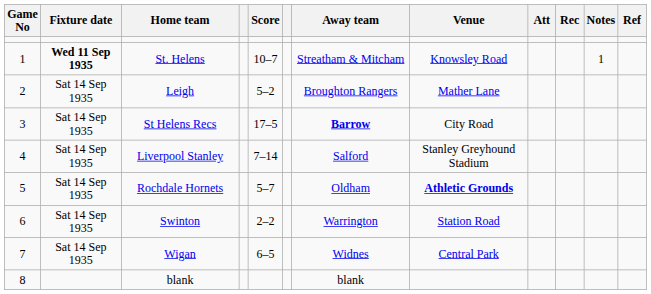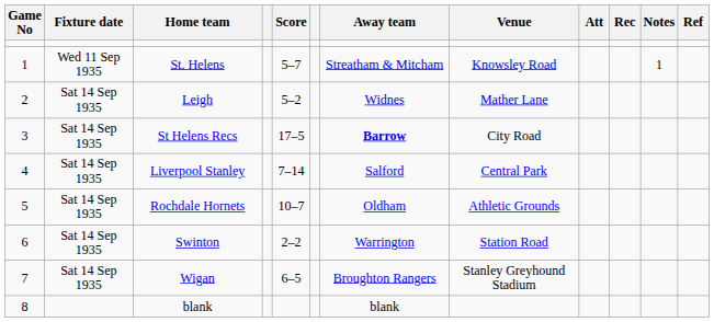 <table class="wikitable" style="text-align:center;">
 <tr>
 <th width=20 abbr="No">Game No</th>
 <th width=100 abbr="Date">Fixture date</th>
 <th width=150 abbr="Home team">Home team</th>
 <th width=5 abbr="space"></th>
 <th width=20 abbr="Score">Score</th>
 <th width=5 abbr="space"></th>
 <th width=150 abbr="Away team">Away team</th>
 <th width=150 abbr="Venue">Venue</th>
 <th width=30 abbr="Att">Att</th>
 <th width=30 abbr="Rec">Rec</th>
 <th width=20 abbr="Notes">Notes</th>
 <th width=30 abbr="Ref">Ref</th>
 </tr>
 <tr>
 <td></td>
 <td></td>
 <td></td>
 <td></td>
 <td></td>
 <td></td>
 <td></td>
 <td></td>
 <td></td>
 <td></td>
 <td></td>
 </tr>
 <tr>
 <td>1</td>
-<td><strong>Wed 11 Sep 1935</strong></td>
+<td>Wed 11 Sep 1935</td>
 <td><a href='#'>St. Helens</a></td>
 <td></td>
-<td>10–7</td>
+<td>5–7</td>
 <td></td>
 <td><a href='#'>Streatham & Mitcham</a></td>
 <td><a href='#'>Knowsley Road</a></td>
 <td></td>
 <td></td>
 <td>1</td>
 <td></td>
 </tr>
 <tr>
 <td>2</td>
 <td>Sat 14 Sep 1935</td>
 <td><a href='#'>Leigh</a></td>
 <td></td>
 <td>5–2</td>
 <td></td>
-<td><a href='#'>Broughton Rangers</a></td>
+<td><a href='#'>Widnes</a></td>
 <td><a href='#'>Mather Lane</a></td>
 <td></td>
 <td></td>
 <td></td>
 <td></td>
 </tr>
 <tr>
 <td>3</td>
 <td>Sat 14 Sep 1935</td>
 <td><a href='#'>St Helens Recs</a></td>
 <td></td>
 <td>17–5</td>
 <td></td>
 <td><strong><a href='#'>Barrow</a></strong></td>
 <td>City Road</td>
 <td></td>
 <td></td>
 <td></td>
 <td></td>
 </tr>
 <tr>
 <td>4</td>
 <td>Sat 14 Sep 1935</td>
 <td><a href='#'>Liverpool Stanley</a></td>
 <td></td>
 <td>7–14</td>
 <td></td>
 <td><a href='#'>Salford</a></td>
-<td>Stanley Greyhound Stadium</td>
+<td><a href='#'>Central Park</a></td>
 <td></td>
 <td></td>
 <td></td>
 <td></td>
 </tr>
 <tr>
 <td>5</td>
 <td>Sat 14 Sep 1935</td>
 <td><a href='#'>Rochdale Hornets</a></td>
 <td></td>
-<td>5–7</td>
+<td>10–7</td>
 <td></td>
 <td><a href='#'>Oldham</a></td>
-<td><strong><a href='#'>Athletic Grounds</a></strong></td>
+<td><a href='#'>Athletic Grounds</a></td>
 <td></td>
 <td></td>
 <td></td>
 <td></td>
 </tr>
 <tr>
 <td>6</td>
 <td>Sat 14 Sep 1935</td>
 <td><a href='#'>Swinton</a></td>
 <td></td>
 <td>2–2</td>
 <td></td>
 <td><a href='#'>Warrington</a></td>
 <td><a href='#'>Station Road</a></td>
 <td></td>
 <td></td>
 <td></td>
 <td></td>
 </tr>
 <tr>
 <td>7</td>
 <td>Sat 14 Sep 1935</td>
 <td><a href='#'>Wigan</a></td>
 <td></td>
 <td>6–5</td>
 <td></td>
-<td><a href='#'>Widnes</a></td>
-<td><a href='#'>Central Park</a></td>
+<td><a href='#'>Broughton Rangers</a></td>
+<td>Stanley Greyhound Stadium</td>
 <td></td>
 <td></td>
 <td></td>
 <td></td>
 </tr>
 <tr>
 <td>8</td>
 <td></td>
 <td>blank</td>
 <td></td>
 <td></td>
 <td></td>
 <td>blank</td>
 <td></td>
 <td></td>
 <td></td>
 <td></td>
 <td></td>
 </tr>
 </table>
